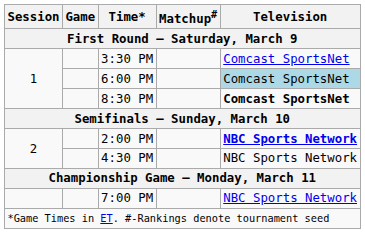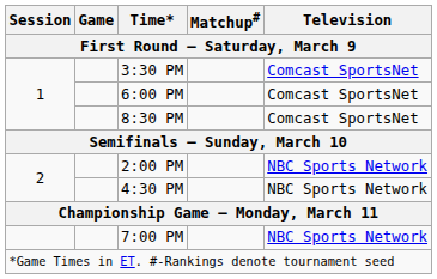 <table class="wikitable" style="font-size: 95%">
 <tr align="center">
 <th>Session</th>
 <th>Game</th>
 <th>Time*</th>
 <th>Matchup<sup>#</sup></th>
 <th>Television</th>
 </tr>
 <tr>
 <th colspan=7>First Round – Saturday, March 9</th>
 </tr>
 <tr>
 <td rowspan=3 style="text-align:center;">1</td>
 <td></td>
 <td>3:30 PM</td>
 <td></td>
 <td><a href='#'>Comcast SportsNet</a></td>
 </tr>
 <tr>
 <td></td>
 <td>6:00 PM</td>
 <td></td>
-<td style="background: lightblue;">Comcast SportsNet</td>
+<td>Comcast SportsNet</td>
 </tr>
 <tr>
 <td></td>
 <td>8:30 PM</td>
 <td></td>
-<td><strong>Comcast SportsNet</strong></td>
+<td>Comcast SportsNet</td>
 </tr>
 <tr>
 <th colspan=7>Semifinals – Sunday, March 10</th>
 </tr>
 <tr>
 <td rowspan=2 style="text-align:center;">2</td>
 <td></td>
 <td>2:00 PM</td>
 <td></td>
-<td><strong><a href='#'>NBC Sports Network</a></strong></td>
+<td><a href='#'>NBC Sports Network</a></td>
 </tr>
 <tr>
 <td></td>
 <td>4:30 PM</td>
 <td></td>
 <td>NBC Sports Network</td>
 </tr>
 <tr>
 <th colspan=7>Championship Game – Monday, March 11</th>
 </tr>
 <tr>
 <td></td>
 <td></td>
 <td>7:00 PM</td>
 <td></td>
 <td><a href='#'>NBC Sports Network</a></td>
 </tr>
 <tr>
 <td colspan=6><small>*Game Times  in <a href='#'>ET</a>. #-Rankings denote tournament seed</small></td>
 </tr>
 </table>
